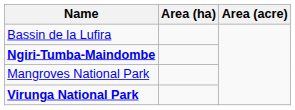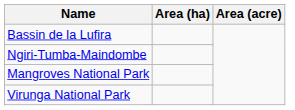 <table class="wikitable sortable">
 <tr>
 <th scope="col" align=left>Name</th>
 <th scope="col">Area (ha)</th>
 <th scope="col">Area (acre)</th>
 </tr>
 <tr ---->
 <td><a href='#'>Bassin de la Lufira</a></td>
 <td></td>
 </tr>
 <tr ---->
-<td><strong><a href='#'>Ngiri-Tumba-Maindombe</a></strong></td>
+<td><a href='#'>Ngiri-Tumba-Maindombe</a></td>
 <td></td>
 </tr>
 <tr ---->
 <td><a href='#'>Mangroves National Park</a></td>
 <td></td>
 </tr>
 <tr ---->
-<td><strong><a href='#'>Virunga National Park</a></strong></td>
+<td><a href='#'>Virunga National Park</a></td>
 <td></td>
 </tr>
 </table>
